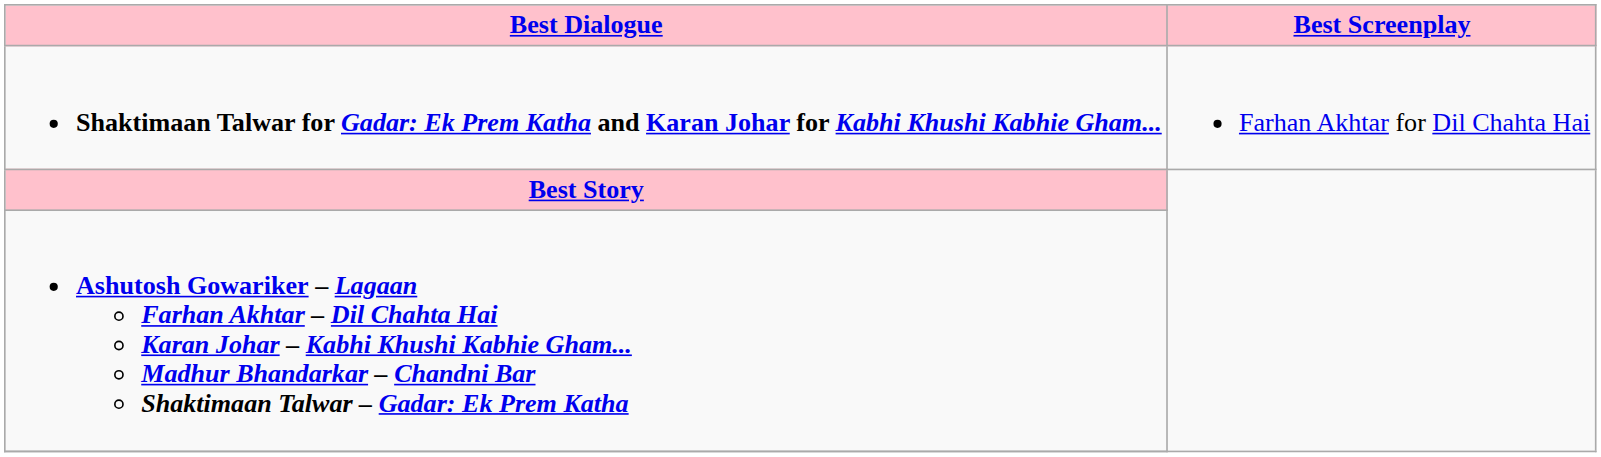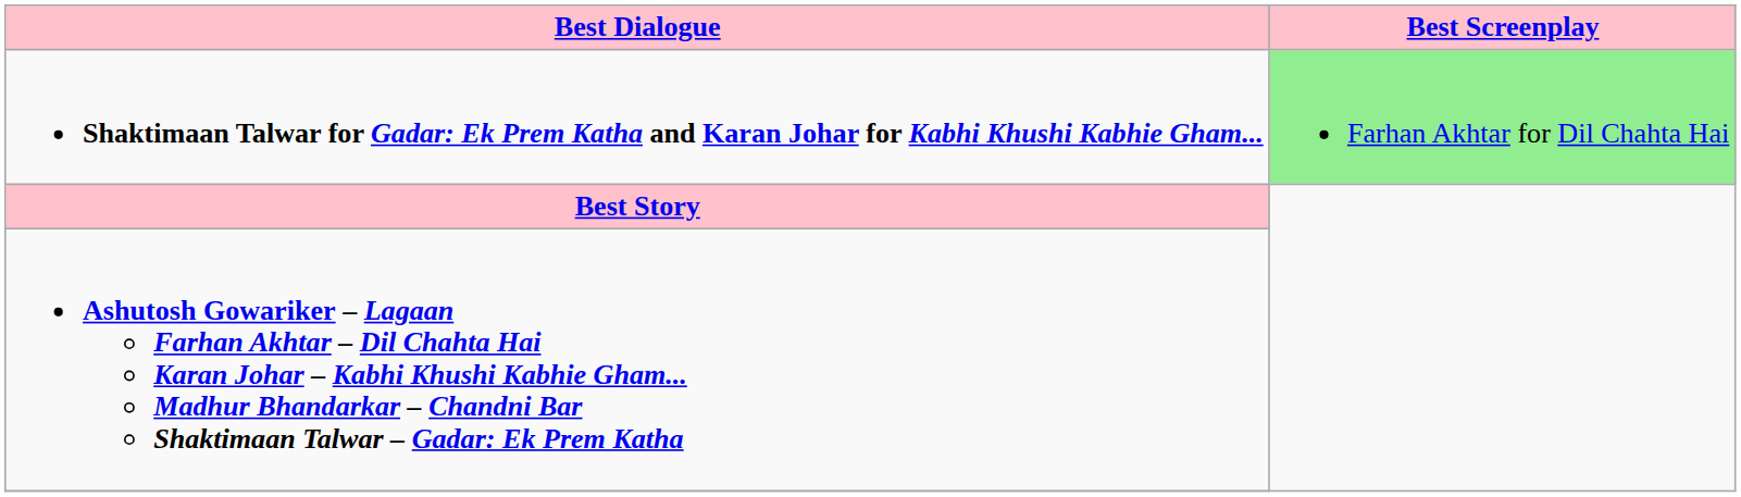 <table class=wikitable style="width=150%">
 <tr>
 <th style="background:#FFC1CC;" ! style="width=50%"><a href='#'>Best Dialogue</a></th>
 <th style="background:#FFC1CC;" ! style="width=50%"><a href='#'>Best Screenplay</a></th>
 </tr>
 <tr>
 <td valign="top"><br><ul><li><strong>Shaktimaan Talwar for <em><a href='#'>Gadar: Ek Prem Katha</a></em> and <a href='#'>Karan Johar</a> for <em><a href='#'>Kabhi Khushi Kabhie Gham...</a><strong><em></li></ul></td>
-<td valign="top"><br><ul><li></strong><a href='#'>Farhan Akhtar</a> for </em><a href='#'>Dil Chahta Hai</a></em></strong></li></ul></td>
+<td valign="top" style="background: lightgreen;"><br><ul><li></strong><a href='#'>Farhan Akhtar</a> for </em><a href='#'>Dil Chahta Hai</a></em></strong></li></ul></td>
 </tr>
 <tr>
 <th style="background:#FFC1CC;" ! style="width=50%"><a href='#'>Best Story</a></th>
 </tr>
 <tr>
 <td valign="centre"><br><ul><li><strong><a href='#'>Ashutosh Gowariker</a> – <em><a href='#'>Lagaan</a><strong><em><ul><li><a href='#'>Farhan Akhtar</a> – <a href='#'>Dil Chahta Hai</a></li><li><a href='#'>Karan Johar</a> – <a href='#'>Kabhi Khushi Kabhie Gham...</a></li><li><a href='#'>Madhur Bhandarkar</a> – <a href='#'>Chandni Bar</a></li><li>Shaktimaan Talwar – <a href='#'>Gadar: Ek Prem Katha</a></li></ul></li></ul></td>
 </tr>
 <tr>
 </tr>
 </table>
